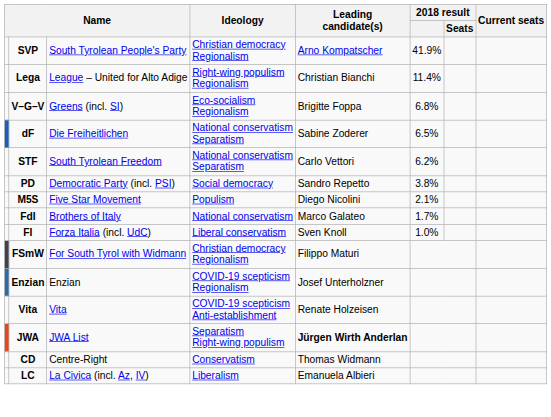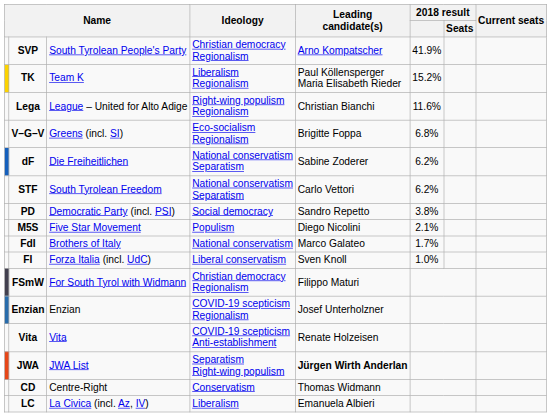 <table class="wikitable">
 <tr>
 <th colspan="3" rowspan="2">Name</th>
 <th rowspan="2">Ideology</th>
 <th rowspan="2">Leading<br>candidate(s)</th>
 <th colspan="2">2018 result</th>
 <th rowspan="2">Current seats</th>
 </tr>
 <tr>
 <th></th>
 <th>Seats</th>
 </tr>
 <tr>
 <td style="background:"></td>
 <td style="text-align:center;"><strong>SVP</strong></td>
 <td><a href='#'>South Tyrolean People's Party</a></td>
 <td><a href='#'>Christian democracy</a><br><a href='#'>Regionalism</a></td>
 <td><a href='#'>Arno Kompatscher</a></td>
 <td style="text-align:center;">41.9%</td>
 <td></td>
 <td></td>
 </tr>
 <tr>
+<td style="background:#FCD300;"></td>
+<td style="text-align:center;"><strong>TK</strong></td>
+<td><a href='#'>Team K</a></td>
+<td><a href='#'>Liberalism</a><br><a href='#'>Regionalism</a></td>
+<td>Paul Köllensperger<br>Maria Elisabeth Rieder</td>
+<td style="text-align:center;">15.2%</td>
+<td></td>
+<td></td>
+</tr>
+<tr>
 <td style="background:"></td>
 <td style="text-align:center;"><strong>Lega</strong></td>
 <td><a href='#'>League</a> – United for Alto Adige</td>
 <td><a href='#'>Right-wing populism</a><br><a href='#'>Regionalism</a></td>
 <td>Christian Bianchi</td>
-<td style="text-align:center;">11.4%</td>
+<td style="text-align:center;">11.6%</td>
 <td></td>
 <td></td>
 </tr>
 <tr>
 <td style="background:"></td>
 <td style="text-align:center;"><strong>V–G–V</strong></td>
 <td><a href='#'>Greens</a> (incl. <a href='#'>SI</a>)</td>
 <td><a href='#'>Eco-socialism</a><br><a href='#'>Regionalism</a></td>
 <td>Brigitte Foppa</td>
 <td style="text-align:center;">6.8%</td>
 <td></td>
 <td></td>
 </tr>
 <tr>
 <td style="background:#1560BD;"></td>
 <td style="text-align:center;"><strong>dF</strong></td>
 <td><a href='#'>Die Freiheitlichen</a></td>
 <td><a href='#'>National conservatism</a><br><a href='#'>Separatism</a></td>
 <td>Sabine Zoderer</td>
-<td style="text-align:center;">6.5%</td>
+<td style="text-align:center;">6.2%</td>
 <td></td>
 <td></td>
 </tr>
 <tr>
 <td style="background:"></td>
 <td style="text-align:center;"><strong>STF</strong></td>
 <td><a href='#'>South Tyrolean Freedom</a></td>
 <td><a href='#'>National conservatism</a><br><a href='#'>Separatism</a></td>
 <td>Carlo Vettori</td>
 <td style="text-align:center;">6.2%</td>
 <td></td>
 <td></td>
 </tr>
 <tr>
 <td style="background:"></td>
 <td style="text-align:center;"><strong>PD</strong></td>
 <td><a href='#'>Democratic Party</a> (incl. <a href='#'>PSI</a>)</td>
 <td><a href='#'>Social democracy</a></td>
 <td>Sandro Repetto</td>
 <td style="text-align:center;">3.8%</td>
 <td></td>
 <td></td>
 </tr>
 <tr>
 <td style="background:"></td>
 <td style="text-align:center;"><strong>M5S</strong></td>
 <td><a href='#'>Five Star Movement</a></td>
 <td><a href='#'>Populism</a></td>
 <td>Diego Nicolini</td>
 <td style="text-align:center;">2.1%</td>
 <td></td>
 <td></td>
 </tr>
 <tr>
 <td style="background:"></td>
 <td style="text-align:center;"><strong>FdI</strong></td>
 <td><a href='#'>Brothers of Italy</a></td>
 <td><a href='#'>National conservatism</a></td>
 <td>Marco Galateo</td>
 <td style="text-align:center;">1.7%</td>
 <td></td>
 <td></td>
 </tr>
 <tr>
 <td style="background:"></td>
 <td style="text-align:center;"><strong>FI</strong></td>
 <td><a href='#'>Forza Italia</a> (incl. <a href='#'>UdC</a>)</td>
 <td><a href='#'>Liberal conservatism</a></td>
 <td>Sven Knoll</td>
 <td style="text-align:center;">1.0%</td>
 <td></td>
 <td></td>
 </tr>
 <tr>
 <td style="background:#42404f;"></td>
 <td style="text-align:center;"><strong>FSmW</strong></td>
 <td><a href='#'>For South Tyrol with Widmann</a></td>
 <td><a href='#'>Christian democracy</a><br><a href='#'>Regionalism</a></td>
 <td>Filippo Maturi</td>
 <td colspan="2"></td>
 <td></td>
 </tr>
 <tr>
 <td style="background:#286cab;"></td>
 <td style="text-align:center;"><strong>Enzian</strong></td>
 <td>Enzian</td>
 <td><a href='#'>COVID-19 scepticism</a><br><a href='#'>Regionalism</a></td>
 <td>Josef Unterholzner</td>
 <td colspan="2"></td>
 <td></td>
 </tr>
 <tr>
 <td style="background:"></td>
 <td style="text-align:center;"><strong>Vita</strong></td>
 <td><a href='#'>Vita</a></td>
 <td><a href='#'>COVID-19 scepticism</a><br><a href='#'>Anti-establishment</a></td>
 <td>Renate Holzeisen</td>
 <td colspan="2"></td>
 <td></td>
 </tr>
 <tr>
 <td style="background:#E74617;"></td>
 <td style="text-align:center;"><strong>JWA</strong></td>
 <td><a href='#'>JWA List</a></td>
 <td><a href='#'>Separatism</a><br><a href='#'>Right-wing populism</a></td>
 <td><strong>Jürgen Wirth Anderlan</strong></td>
 <td colspan="2"></td>
 <td></td>
 </tr>
 <tr>
 <td style="background:"></td>
 <td style="text-align:center;"><strong>CD</strong></td>
 <td>Centre-Right</td>
 <td><a href='#'>Conservatism</a></td>
 <td>Thomas Widmann</td>
 <td colspan="2"></td>
 <td></td>
 </tr>
 <tr>
 <td style="background:"></td>
 <td style="text-align:center;"><strong>LC</strong></td>
 <td><a href='#'>La Civica</a> (incl. <a href='#'>Az</a>, <a href='#'>IV</a>)</td>
 <td><a href='#'>Liberalism</a></td>
 <td>Emanuela Albieri</td>
 <td colspan="2"></td>
 <td></td>
 </tr>
 </table>
